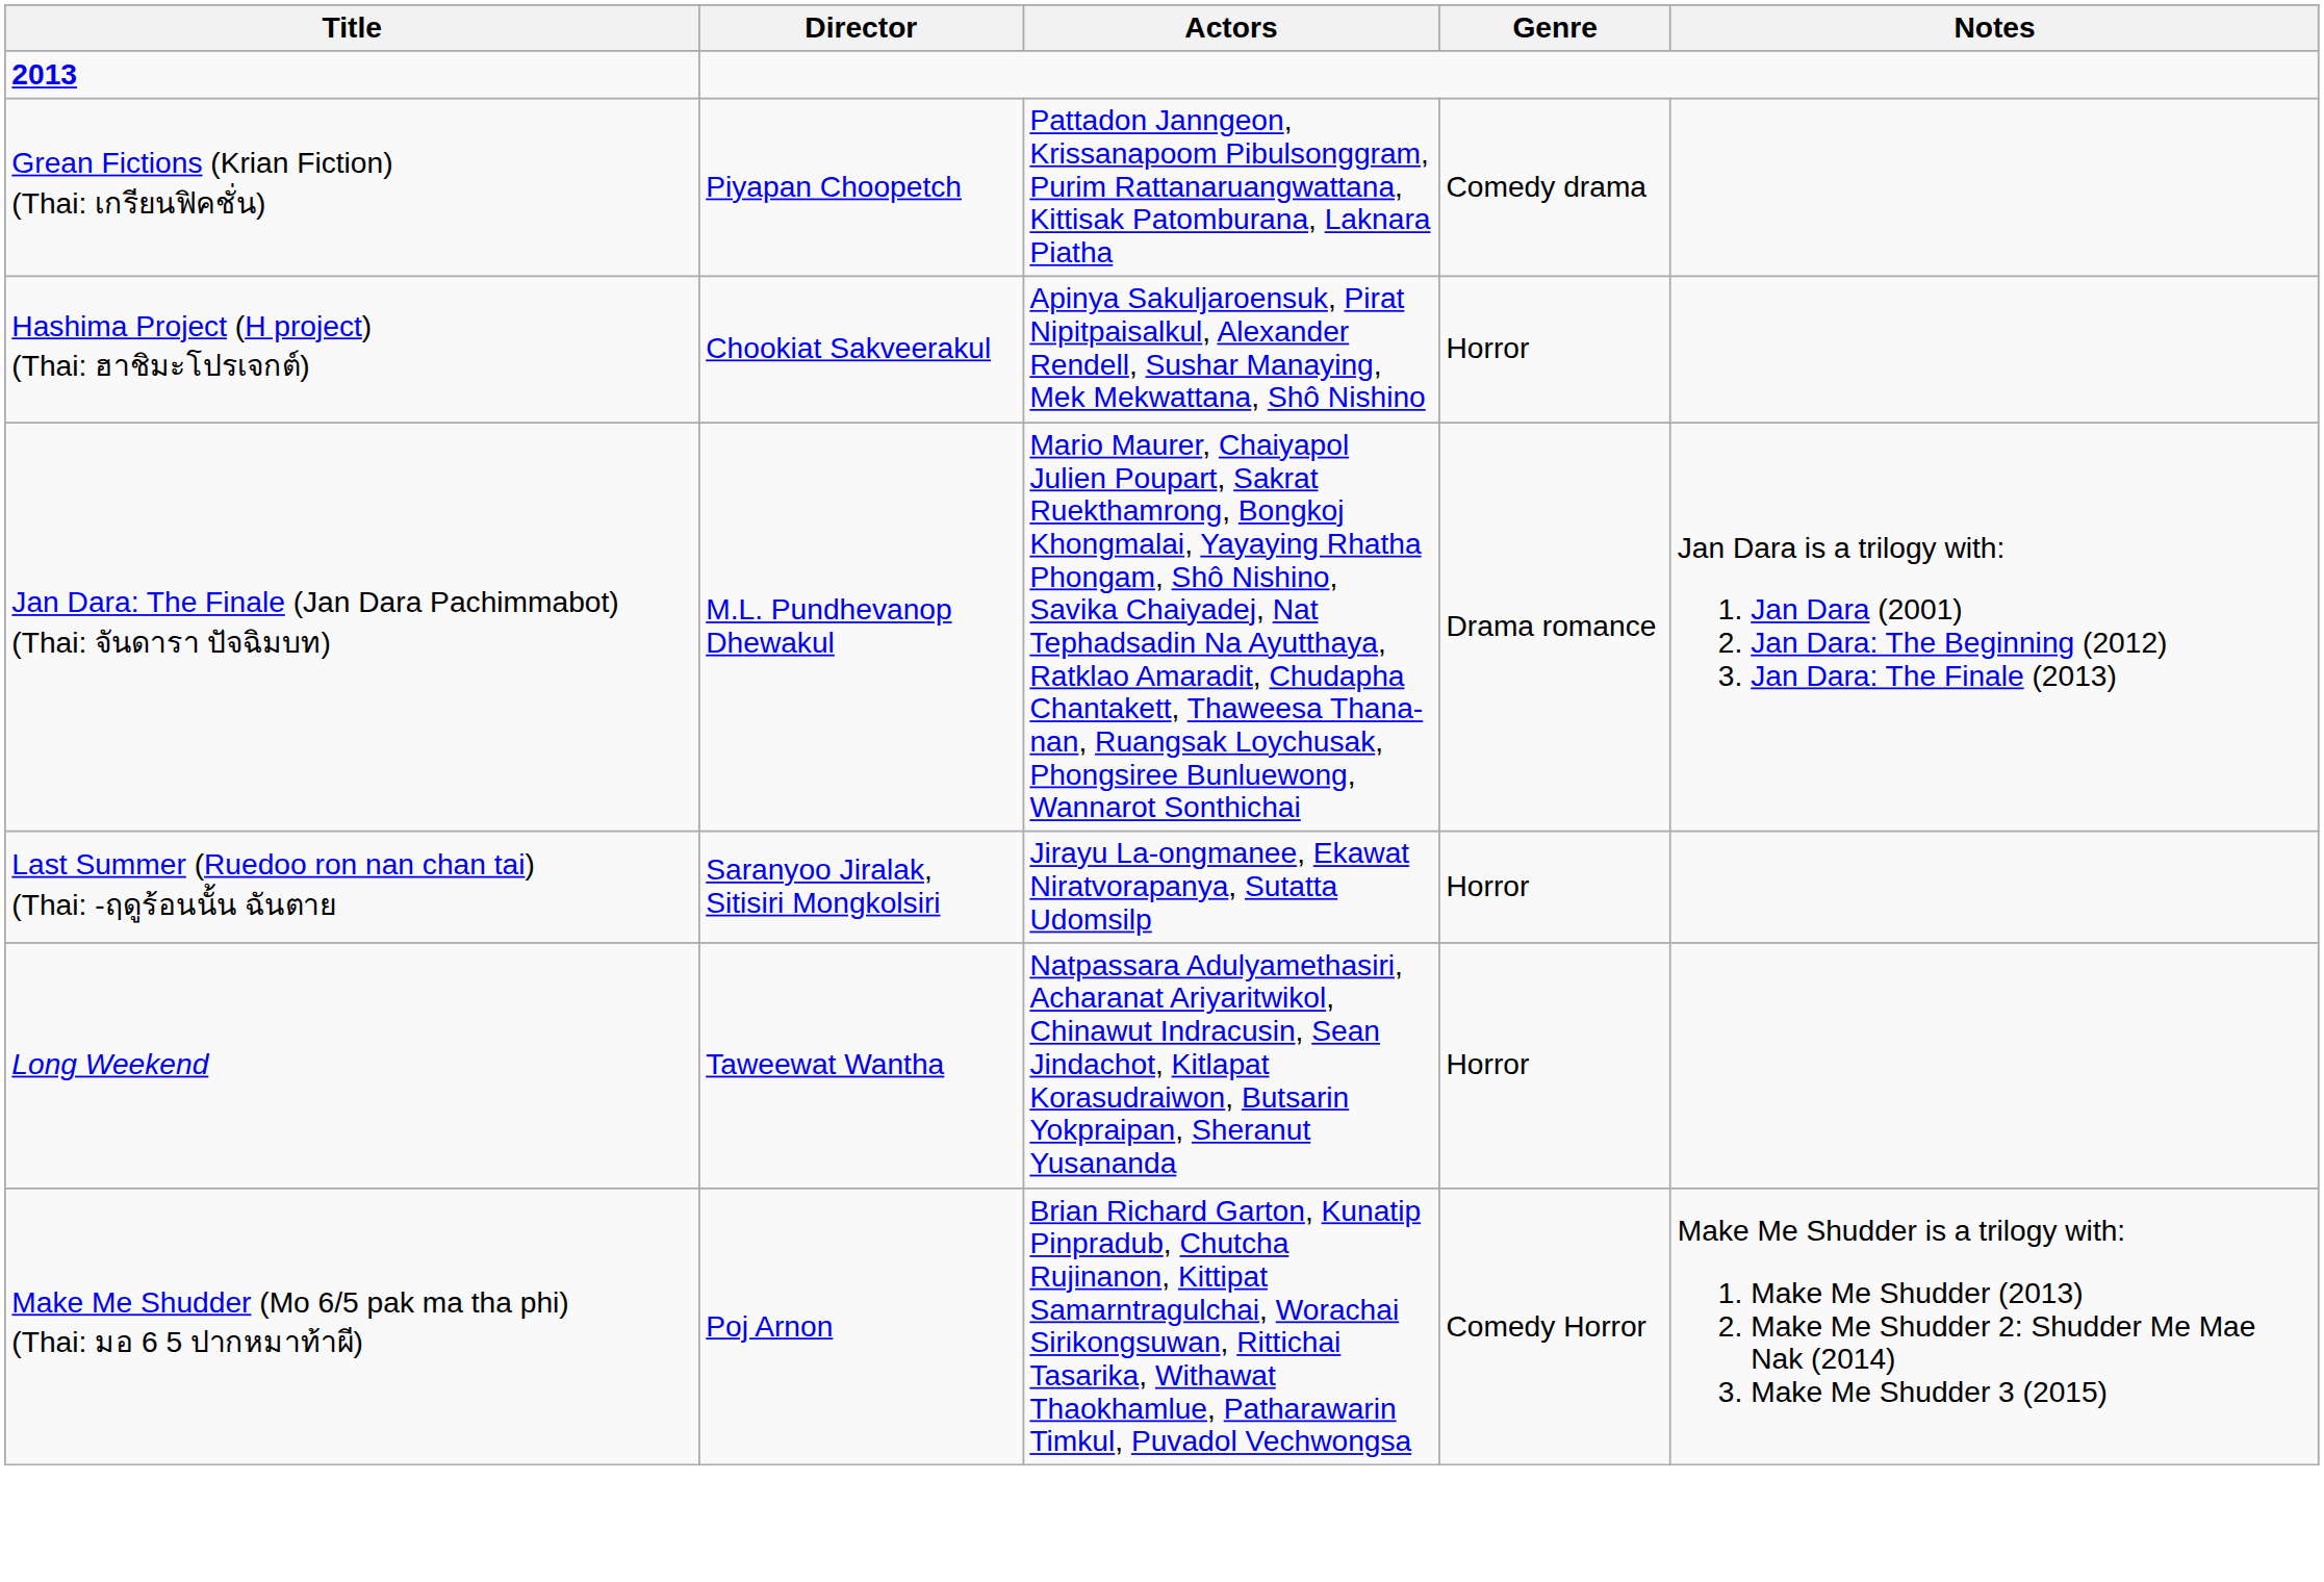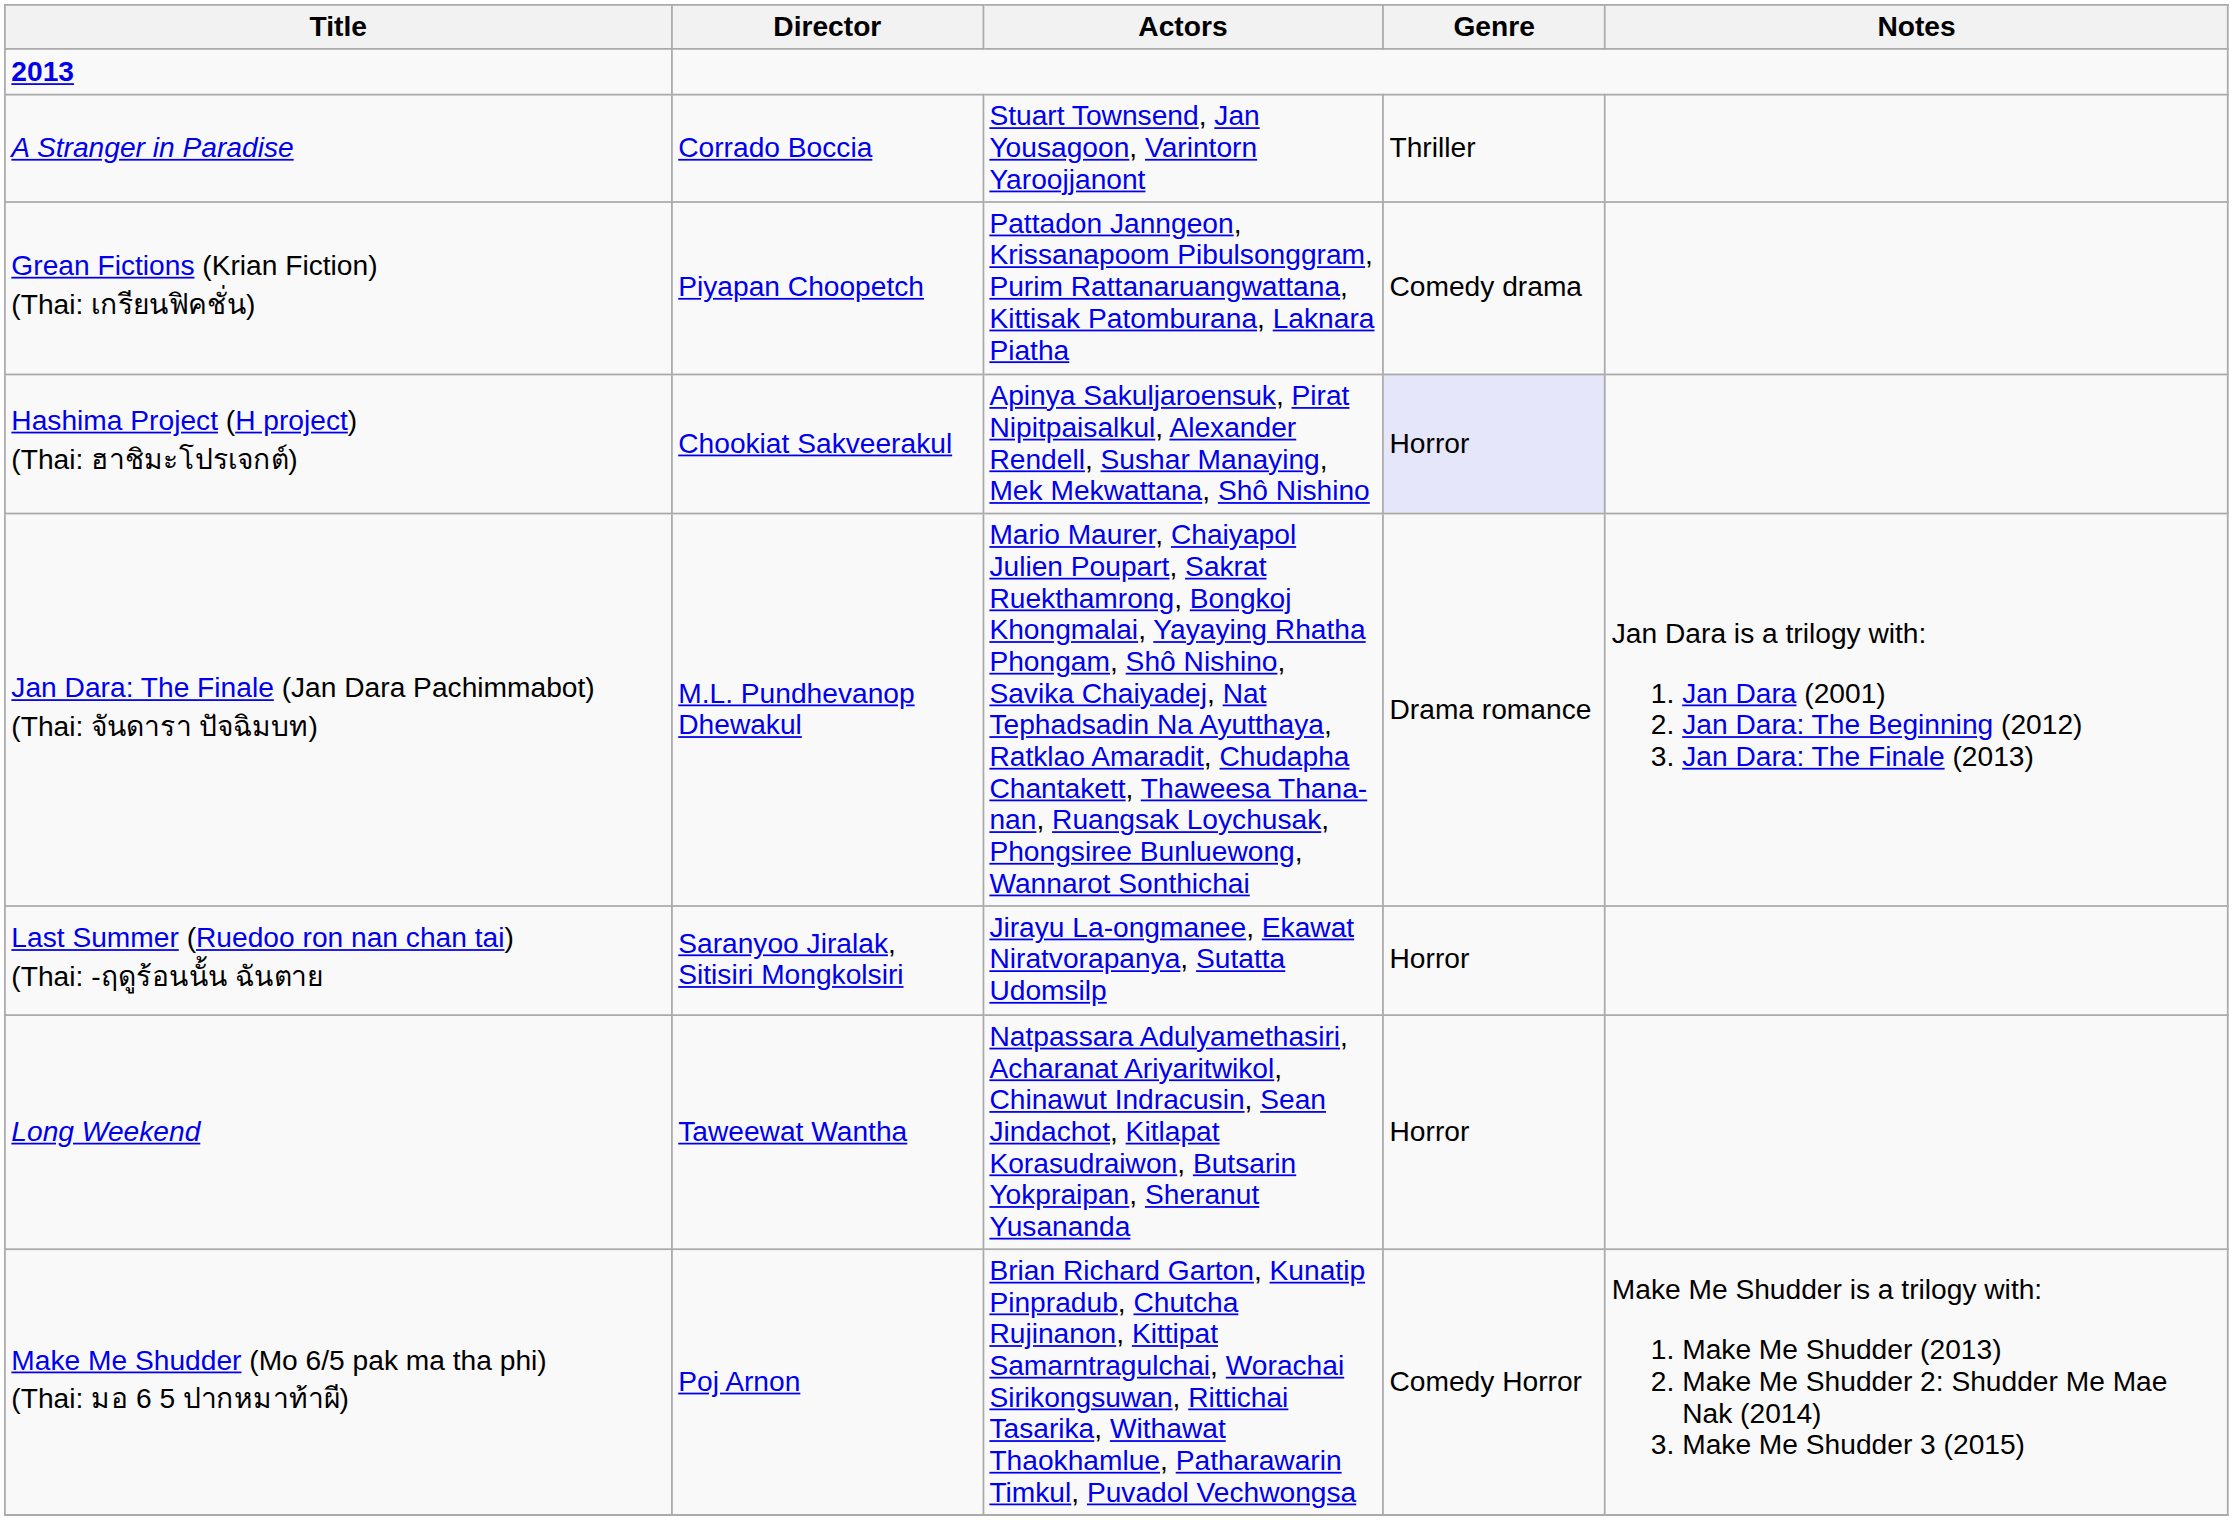 <table class="wikitable sortable" style="width:100%;">
 <tr>
 <th style="width:30%;">Title</th>
 <th style="width:14%;">Director</th>
 <th style="width:18%;">Actors</th>
 <th style="width:10%;">Genre</th>
 <th style="width:28%;">Notes</th>
 </tr>
 <tr>
 <td><strong><a href='#'>2013</a></strong></td>
 </tr>
 <tr>
+<td><em><a href='#'>A Stranger in Paradise</a></em></td>
+<td><a href='#'>Corrado Boccia</a></td>
+<td><a href='#'>Stuart Townsend</a>, <a href='#'>Jan Yousagoon</a>, <a href='#'>Varintorn Yaroojjanont</a></td>
+<td>Thriller</td>
+<td></td>
+</tr>
+<tr>
 <td><a href='#'>Grean Fictions</a> (Krian Fiction)<br>(Thai: เกรียนฟิคชั่น)</td>
 <td><a href='#'>Piyapan Choopetch</a></td>
 <td><a href='#'>Pattadon Janngeon</a>, <a href='#'>Krissanapoom Pibulsonggram</a>, <a href='#'>Purim Rattanaruangwattana</a>, <a href='#'>Kittisak Patomburana</a>, <a href='#'>Laknara Piatha</a></td>
 <td>Comedy drama</td>
 <td></td>
 </tr>
 <tr>
 <td><a href='#'>Hashima Project</a> (<a href='#'>H project</a>)<br>(Thai: ฮาชิมะโปรเจกต์)</td>
 <td><a href='#'>Chookiat Sakveerakul</a></td>
 <td><a href='#'>Apinya Sakuljaroensuk</a>, <a href='#'>Pirat Nipitpaisalkul</a>, <a href='#'>Alexander Rendell</a>, <a href='#'>Sushar Manaying</a>, <a href='#'>Mek Mekwattana</a>, <a href='#'>Shô Nishino</a></td>
-<td>Horror</td>
+<td style="background: lavender;">Horror</td>
 <td></td>
 </tr>
 <tr>
 <td><a href='#'>Jan Dara: The Finale</a> (Jan Dara Pachimmabot)<br>(Thai: จันดารา ปัจฉิมบท)</td>
 <td><a href='#'>M.L. Pundhevanop Dhewakul</a></td>
 <td><a href='#'>Mario Maurer</a>, <a href='#'>Chaiyapol Julien Poupart</a>, <a href='#'>Sakrat Ruekthamrong</a>, <a href='#'>Bongkoj Khongmalai</a>, <a href='#'>Yayaying Rhatha Phongam</a>, <a href='#'>Shô Nishino</a>, <a href='#'>Savika Chaiyadej</a>, <a href='#'>Nat Tephadsadin Na Ayutthaya</a>, <a href='#'>Ratklao Amaradit</a>, <a href='#'>Chudapha Chantakett</a>, <a href='#'>Thaweesa Thana-nan</a>, <a href='#'>Ruangsak Loychusak</a>, <a href='#'>Phongsiree Bunluewong</a>, <a href='#'>Wannarot Sonthichai</a></td>
 <td>Drama romance</td>
 <td>Jan Dara is a trilogy with:<br><ol><li><a href='#'>Jan Dara</a> (2001)</li><li><a href='#'>Jan Dara: The Beginning</a> (2012)</li><li><a href='#'>Jan Dara: The Finale</a> (2013)</li></ol></td>
 </tr>
 <tr>
 <td><a href='#'>Last Summer</a> (<a href='#'>Ruedoo ron nan chan tai</a>)<br>(Thai: -ฤดูร้อนนั้น ฉันตาย</td>
 <td><a href='#'>Saranyoo Jiralak</a>, <a href='#'>Sitisiri Mongkolsiri</a></td>
 <td><a href='#'>Jirayu La-ongmanee</a>, <a href='#'>Ekawat Niratvorapanya</a>, <a href='#'>Sutatta Udomsilp</a></td>
 <td>Horror</td>
 <td></td>
 </tr>
 <tr>
 <td><em><a href='#'>Long Weekend</a></em></td>
 <td><a href='#'>Taweewat Wantha</a></td>
 <td><a href='#'>Natpassara Adulyamethasiri</a>, <a href='#'>Acharanat Ariyaritwikol</a>, <a href='#'>Chinawut Indracusin</a>, <a href='#'>Sean Jindachot</a>, <a href='#'>Kitlapat Korasudraiwon</a>, <a href='#'>Butsarin Yokpraipan</a>, <a href='#'>Sheranut Yusananda</a></td>
 <td>Horror</td>
 <td></td>
 </tr>
 <tr>
 <td><a href='#'>Make Me Shudder</a> (Mo 6/5 pak ma tha phi)<br>(Thai: มอ 6 5 ปากหมาท้าผี)</td>
 <td><a href='#'>Poj Arnon</a></td>
 <td><a href='#'>Brian Richard Garton</a>, <a href='#'>Kunatip Pinpradub</a>, <a href='#'>Chutcha Rujinanon</a>, <a href='#'>Kittipat Samarntragulchai</a>, <a href='#'>Worachai Sirikongsuwan</a>, <a href='#'>Rittichai Tasarika</a>, <a href='#'>Withawat Thaokhamlue</a>, <a href='#'>Patharawarin Timkul</a>, <a href='#'>Puvadol Vechwongsa</a></td>
 <td>Comedy Horror</td>
 <td>Make Me Shudder is a trilogy with:<br><ol><li>Make Me Shudder (2013)</li><li>Make Me Shudder 2: Shudder Me Mae Nak (2014)</li><li>Make Me Shudder 3 (2015)</li></ol></td>
 </tr>
 <tr>
 </tr>
 </table>
